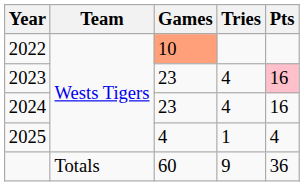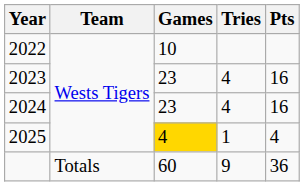 <table class="wikitable">
 <tr>
 <th>Year</th>
 <th>Team</th>
 <th>Games</th>
 <th>Tries</th>
 <th>Pts</th>
 </tr>
 <tr>
 <td>2022</td>
 <td rowspan="4"> <a href='#'>Wests Tigers</a></td>
-<td style="background: lightsalmon;">10</td>
+<td>10</td>
 <td></td>
 <td></td>
 </tr>
 <tr>
 <td>2023</td>
 <td>23</td>
 <td>4</td>
-<td style="background: pink;">16</td>
+<td>16</td>
 </tr>
 <tr>
 <td>2024</td>
 <td>23</td>
 <td>4</td>
 <td>16</td>
 </tr>
 <tr>
 <td>2025</td>
-<td>4</td>
+<td style="background: gold;">4</td>
 <td>1</td>
 <td>4</td>
 </tr>
 <tr>
 <td></td>
 <td>Totals</td>
 <td>60</td>
 <td>9</td>
 <td>36</td>
 </tr>
 </table>
